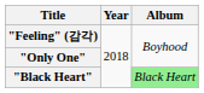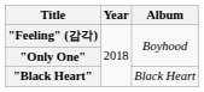 <table class="wikitable plainrowheaders" style="text-align:center">
 <tr>
 <th scope="col">Title</th>
 <th scope="col">Year</th>
 <th scope="col">Album</th>
 </tr>
 <tr>
 <th scope="row">"Feeling" (감각)</th>
 <td rowspan="3">2018</td>
 <td rowspan="2"><em>Boyhood</em></td>
 </tr>
 <tr>
 <th scope="row">"Only One"</th>
 </tr>
 <tr>
 <th scope="row">"Black Heart"</th>
-<td style="background: lightgreen;"><em>Black Heart</em></td>
+<td><em>Black Heart</em></td>
 </tr>
 </table>
